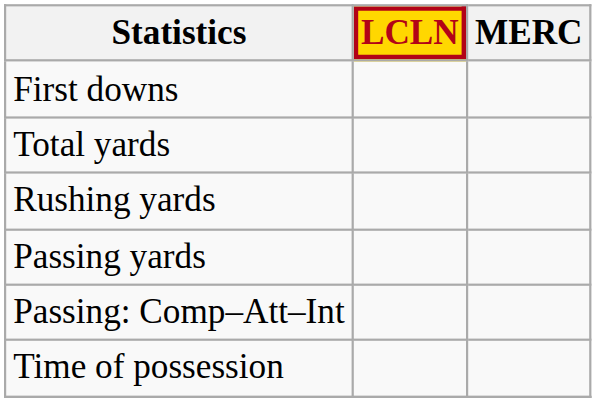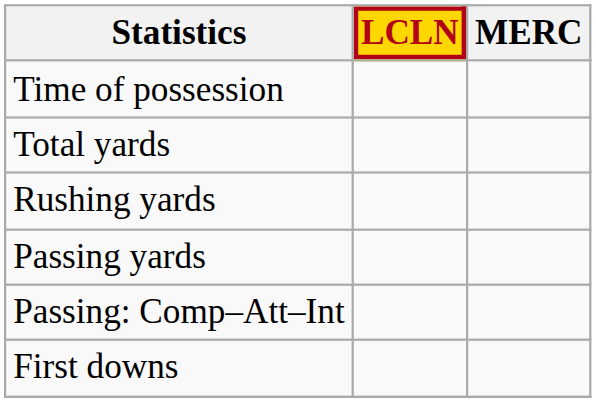 <table class="wikitable" style="float: left;">
 <tr>
 <th>Statistics</th>
 <th style="background-color:gold;color:#B20317;box-shadow: inset 2px 2px 0 #B20317, inset -2px -2px 0 #B20317">LCLN</th>
 <th>MERC</th>
 </tr>
 <tr>
-<td>First downs</td>
+<td>Time of possession</td>
 <td></td>
 <td></td>
 </tr>
 <tr>
 <td>Total yards</td>
 <td></td>
 <td></td>
 </tr>
 <tr>
 <td>Rushing yards</td>
 <td></td>
 <td></td>
 </tr>
 <tr>
 <td>Passing yards</td>
 <td></td>
 <td></td>
 </tr>
 <tr>
 <td>Passing: Comp–Att–Int</td>
 <td></td>
 <td></td>
 </tr>
 <tr>
-<td>Time of possession</td>
+<td>First downs</td>
 <td></td>
 <td></td>
 </tr>
 <tr>
 </tr>
 </table>
